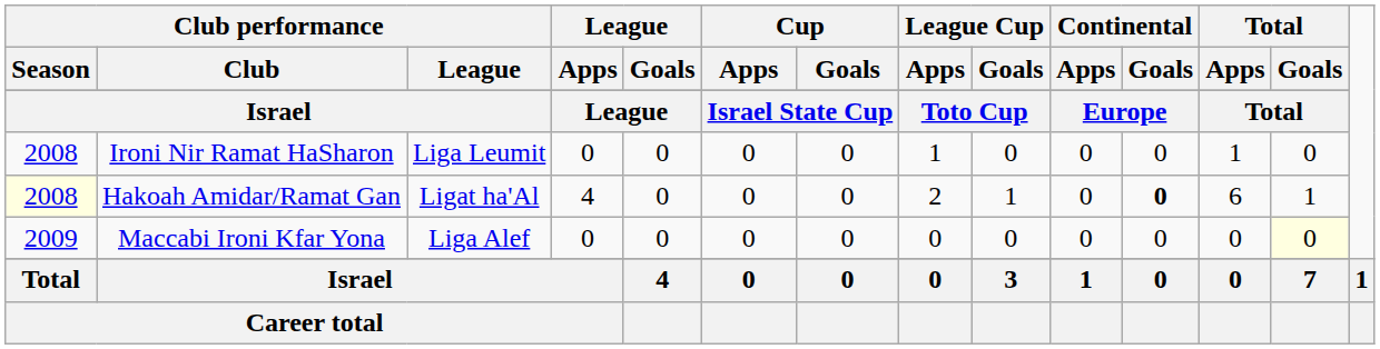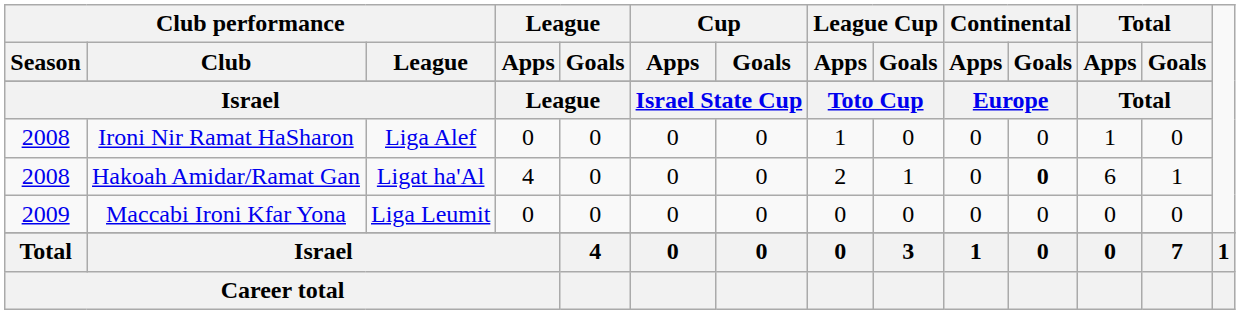 <table class="wikitable" style="text-align:center">
 <tr>
 <th colspan=3>Club performance</th>
 <th colspan=2>League</th>
 <th colspan=2>Cup</th>
 <th colspan=2>League Cup</th>
 <th colspan=2>Continental</th>
 <th colspan=2>Total</th>
 </tr>
 <tr>
 <th>Season</th>
 <th>Club</th>
 <th>League</th>
 <th>Apps</th>
 <th>Goals</th>
 <th>Apps</th>
 <th>Goals</th>
 <th>Apps</th>
 <th>Goals</th>
 <th>Apps</th>
 <th>Goals</th>
 <th>Apps</th>
 <th>Goals</th>
 </tr>
 <tr>
 </tr>
 <tr>
 <th colspan=3>Israel</th>
 <th colspan=2>League</th>
 <th colspan=2><a href='#'>Israel State Cup</a></th>
 <th colspan=2><a href='#'>Toto Cup</a></th>
 <th colspan=2><a href='#'>Europe</a></th>
 <th colspan=2>Total</th>
 </tr>
 <tr>
 <td><a href='#'>2008</a></td>
 <td><a href='#'>Ironi Nir Ramat HaSharon</a></td>
-<td><a href='#'>Liga Leumit</a></td>
+<td><a href='#'>Liga Alef</a></td>
 <td>0</td>
 <td>0</td>
 <td>0</td>
 <td>0</td>
 <td>1</td>
 <td>0</td>
 <td>0</td>
 <td>0</td>
 <td>1</td>
 <td>0</td>
 </tr>
 <tr>
-<td style="background: lightyellow;"><a href='#'>2008</a></td>
+<td><a href='#'>2008</a></td>
 <td><a href='#'>Hakoah Amidar/Ramat Gan</a></td>
 <td><a href='#'>Ligat ha'Al</a></td>
 <td>4</td>
 <td>0</td>
 <td>0</td>
 <td>0</td>
 <td>2</td>
 <td>1</td>
 <td>0</td>
 <td><strong>0</strong></td>
 <td>6</td>
 <td>1</td>
 </tr>
 <tr>
 <td><a href='#'>2009</a></td>
 <td><a href='#'>Maccabi Ironi Kfar Yona</a></td>
-<td><a href='#'>Liga Alef</a></td>
+<td><a href='#'>Liga Leumit</a></td>
 <td>0</td>
 <td>0</td>
 <td>0</td>
 <td>0</td>
 <td>0</td>
 <td>0</td>
 <td>0</td>
 <td>0</td>
 <td>0</td>
-<td style="background: lightyellow;">0</td>
+<td>0</td>
 </tr>
 <tr>
 </tr>
 <tr>
 <th rowspan=1>Total</th>
 <th colspan=3>Israel</th>
 <th>4</th>
 <th>0</th>
 <th>0</th>
 <th>0</th>
 <th>3</th>
 <th>1</th>
 <th>0</th>
 <th>0</th>
 <th>7</th>
 <th>1</th>
 </tr>
 <tr>
 <th colspan=4>Career total</th>
 <th></th>
 <th></th>
 <th></th>
 <th></th>
 <th></th>
 <th></th>
 <th></th>
 <th></th>
 <th></th>
 <th></th>
 </tr>
 </table>
